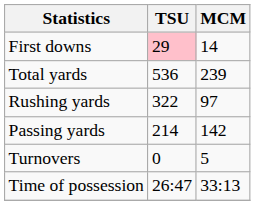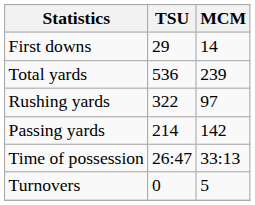 <table class="wikitable">
 <tr>
 <th>Statistics</th>
 <th>TSU</th>
 <th>MCM</th>
 </tr>
 <tr>
 <td>First downs</td>
-<td style="background: pink;">29</td>
+<td>29</td>
 <td>14</td>
 </tr>
 <tr>
 <td>Total yards</td>
 <td>536</td>
 <td>239</td>
 </tr>
 <tr>
 <td>Rushing yards</td>
 <td>322</td>
 <td>97</td>
 </tr>
 <tr>
 <td>Passing yards</td>
 <td>214</td>
 <td>142</td>
 </tr>
 <tr>
+<td>Time of possession</td>
+<td>26:47</td>
+<td>33:13</td>
+</tr>
+<tr>
 <td>Turnovers</td>
 <td>0</td>
 <td>5</td>
 </tr>
 <tr>
-<td>Time of possession</td>
-<td>26:47</td>
-<td>33:13</td>
-</tr>
-<tr>
 </tr>
 </table>
